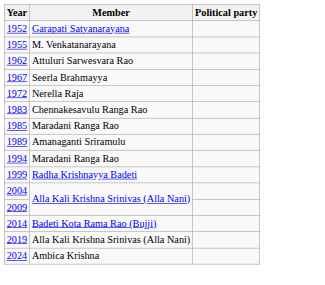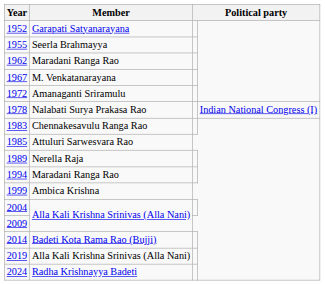 <table class="wikitable sortable">
 <tr>
 <th>Year</th>
 <th>Member</th>
 <th colspan="2">Political party</th>
 </tr>
 <tr>
 <td><a href='#'>1952</a></td>
 <td><a href='#'>Garapati Satyanarayana</a></td>
 <td></td>
 </tr>
 <tr>
 <td><a href='#'>1955</a></td>
+<td>Seerla Brahmayya</td>
+<td></td>
+</tr>
+<tr>
+<td><a href='#'>1962</a></td>
+<td>Maradani Ranga Rao</td>
+<td></td>
+</tr>
+<tr>
+<td><a href='#'>1967</a></td>
 <td>M. Venkatanarayana</td>
 <td></td>
 </tr>
 <tr>
-<td><a href='#'>1962</a></td>
-<td>Attuluri Sarwesvara Rao</td>
+<td><a href='#'>1972</a></td>
+<td>Amanaganti Sriramulu</td>
 <td></td>
 </tr>
 <tr>
-<td><a href='#'>1967</a></td>
-<td>Seerla Brahmayya</td>
-<td></td>
-</tr>
-<tr>
-<td><a href='#'>1972</a></td>
-<td>Nerella Raja</td>
-<td></td>
+<td><a href='#'>1978</a></td>
+<td>Nalabati Surya Prakasa Rao</td>
+<td style="background-color: "></td>
+<td><a href='#'>Indian National Congress (I)</a></td>
 </tr>
 <tr>
 <td><a href='#'>1983</a></td>
 <td>Chennakesavulu Ranga Rao</td>
 <td></td>
 </tr>
 <tr>
 <td><a href='#'>1985</a></td>
-<td>Maradani Ranga Rao</td>
+<td>Attuluri Sarwesvara Rao</td>
 </tr>
 <tr>
 <td><a href='#'>1989</a></td>
-<td>Amanaganti Sriramulu</td>
+<td>Nerella Raja</td>
 <td></td>
 </tr>
 <tr>
 <td><a href='#'>1994</a></td>
 <td>Maradani Ranga Rao</td>
 <td></td>
 </tr>
 <tr>
 <td><a href='#'>1999</a></td>
-<td><a href='#'>Radha Krishnayya Badeti</a></td>
+<td>Ambica Krishna</td>
 </tr>
 <tr>
 <td><a href='#'>2004</a></td>
 <td rowspan=2><a href='#'>Alla Kali Krishna Srinivas (Alla Nani)</a></td>
 <td></td>
 </tr>
 <tr>
 <td><a href='#'>2009</a></td>
 </tr>
 <tr>
 <td><a href='#'>2014</a></td>
 <td><a href='#'>Badeti Kota Rama Rao (Bujji)</a></td>
 <td></td>
 </tr>
 <tr>
 <td><a href='#'>2019</a></td>
 <td>Alla Kali Krishna Srinivas (Alla Nani)</td>
 <td></td>
 </tr>
 <tr>
 <td><a href='#'>2024</a></td>
-<td>Ambica Krishna</td>
+<td><a href='#'>Radha Krishnayya Badeti</a></td>
 <td></td>
 </tr>
 </table>
